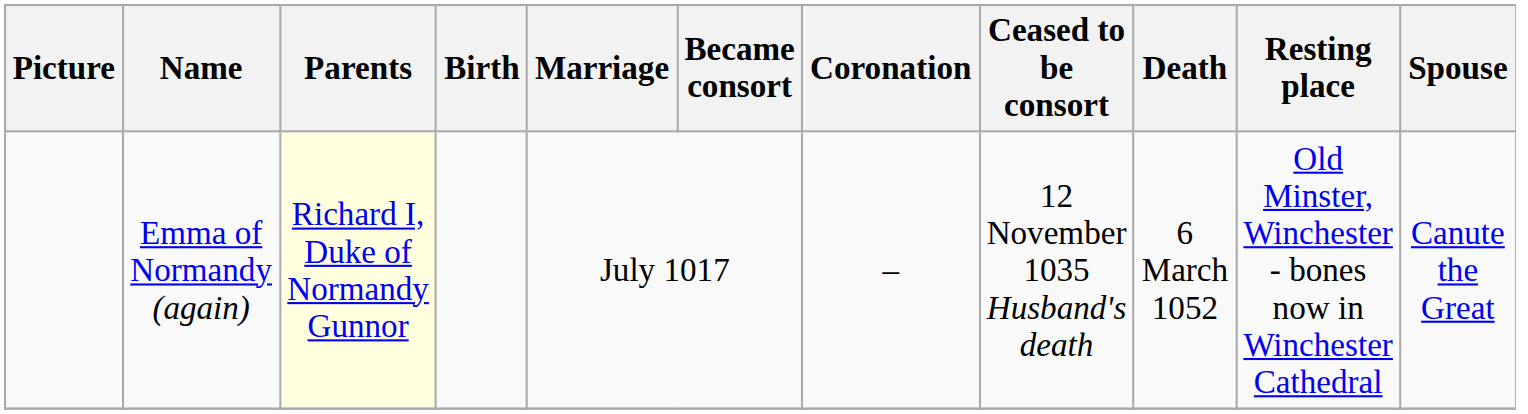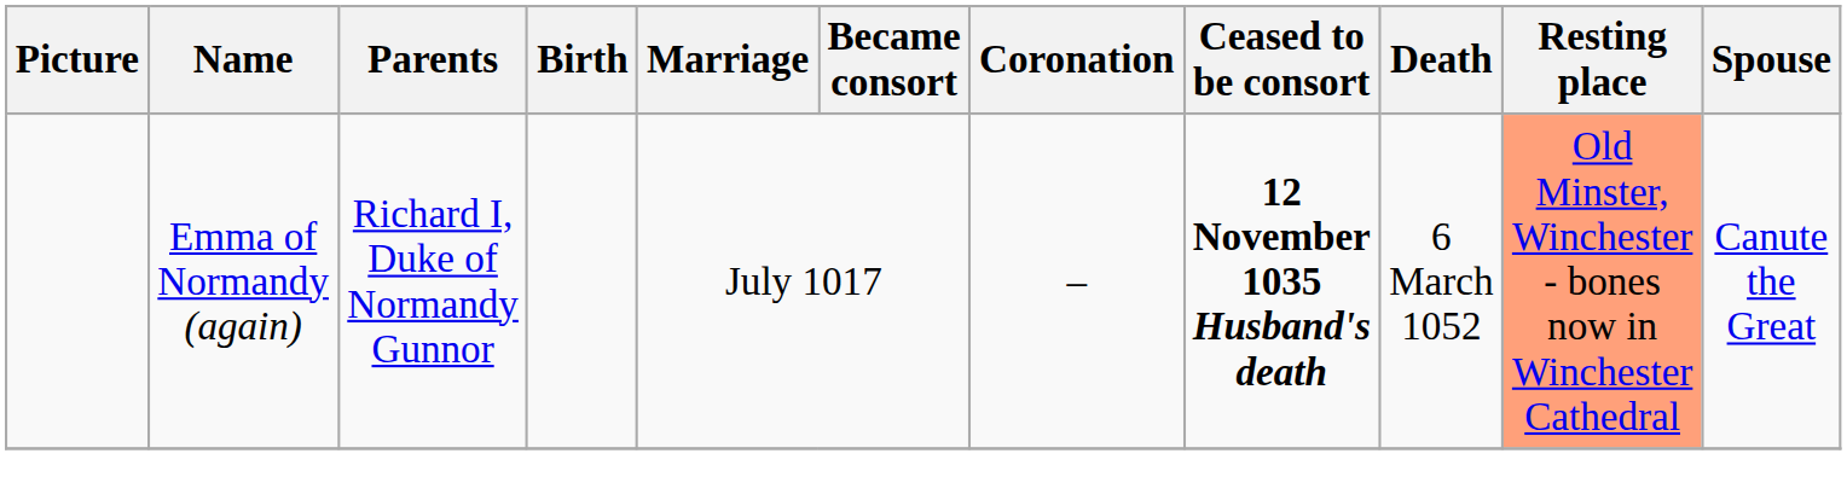 <table width=90% class="wikitable" style="text-align:center;">
 <tr>
 <th>Picture</th>
 <th>Name</th>
 <th>Parents</th>
 <th>Birth</th>
 <th>Marriage</th>
 <th>Became consort</th>
 <th>Coronation</th>
 <th>Ceased to be consort</th>
 <th>Death</th>
 <th>Resting place</th>
 <th>Spouse</th>
 </tr>
 <tr>
 <td></td>
 <td><a href='#'>Emma of Normandy</a><br><em>(again)</em></td>
-<td style="background: lightyellow;"><a href='#'>Richard I, Duke of Normandy</a> <br> <a href='#'>Gunnor</a></td>
+<td><a href='#'>Richard I, Duke of Normandy</a> <br> <a href='#'>Gunnor</a></td>
 <td></td>
 <td colspan="2">July 1017</td>
 <td>–</td>
-<td>12 November 1035<br><em>Husband's death</em></td>
+<td><strong>12 November 1035<br><em>Husband's death</em></strong></td>
 <td>6 March 1052</td>
-<td><a href='#'>Old Minster, Winchester</a> - bones now in <a href='#'>Winchester Cathedral</a></td>
+<td style="background: lightsalmon;"><a href='#'>Old Minster, Winchester</a> - bones now in <a href='#'>Winchester Cathedral</a></td>
 <td><a href='#'>Canute the Great</a></td>
 </tr>
 <tr>
 </tr>
 </table>
